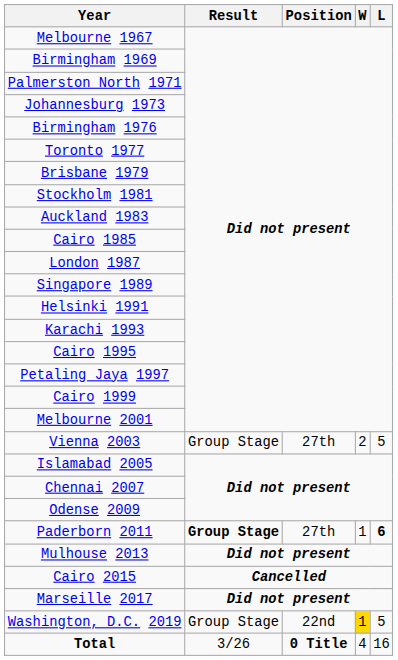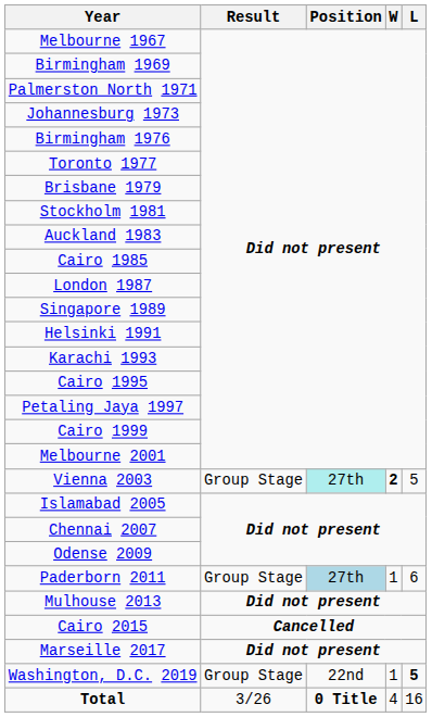 <table class="wikitable" style="text-align: center;">
 <tr>
 <th>Year</th>
 <th>Result</th>
 <th>Position</th>
 <th>W</th>
 <th>L</th>
 </tr>
 <tr>
 <td> <a href='#'>Melbourne</a> <a href='#'>1967</a></td>
 <td rowspan="18" colspan="4" align="center"><strong><em>Did not present</em></strong></td>
 </tr>
 <tr>
 <td> <a href='#'>Birmingham</a> <a href='#'>1969</a></td>
 </tr>
 <tr>
 <td> <a href='#'>Palmerston North</a> <a href='#'>1971</a></td>
 </tr>
 <tr>
 <td> <a href='#'>Johannesburg</a> <a href='#'>1973</a></td>
 </tr>
 <tr>
 <td> <a href='#'>Birmingham</a> <a href='#'>1976</a></td>
 </tr>
 <tr>
 <td> <a href='#'>Toronto</a> <a href='#'>1977</a></td>
 </tr>
 <tr>
 <td> <a href='#'>Brisbane</a> <a href='#'>1979</a></td>
 </tr>
 <tr>
 <td> <a href='#'>Stockholm</a> <a href='#'>1981</a></td>
 </tr>
 <tr>
 <td> <a href='#'>Auckland</a> <a href='#'>1983</a></td>
 </tr>
 <tr>
 <td> <a href='#'>Cairo</a> <a href='#'>1985</a></td>
 </tr>
 <tr>
 <td> <a href='#'>London</a> <a href='#'>1987</a></td>
 </tr>
 <tr>
 <td> <a href='#'>Singapore</a> <a href='#'>1989</a></td>
 </tr>
 <tr>
 <td> <a href='#'>Helsinki</a> <a href='#'>1991</a></td>
 </tr>
 <tr>
 <td> <a href='#'>Karachi</a> <a href='#'>1993</a></td>
 </tr>
 <tr>
 <td> <a href='#'>Cairo</a> <a href='#'>1995</a></td>
 </tr>
 <tr>
 <td> <a href='#'>Petaling Jaya</a> <a href='#'>1997</a></td>
 </tr>
 <tr>
 <td> <a href='#'>Cairo</a> <a href='#'>1999</a></td>
 </tr>
 <tr>
 <td> <a href='#'>Melbourne</a> <a href='#'>2001</a></td>
 </tr>
 <tr>
 <td> <a href='#'>Vienna</a> <a href='#'>2003</a></td>
 <td>Group Stage</td>
-<td>27th</td>
-<td>2</td>
+<td style="background: paleturquoise;">27th</td>
+<td><strong>2</strong></td>
 <td>5</td>
 </tr>
 <tr>
 <td> <a href='#'>Islamabad</a> <a href='#'>2005</a></td>
 <td rowspan="3" colspan="4" align="center"><strong><em>Did not present</em></strong></td>
 </tr>
 <tr>
 <td> <a href='#'>Chennai</a> <a href='#'>2007</a></td>
 </tr>
 <tr>
 <td> <a href='#'>Odense</a> <a href='#'>2009</a></td>
 </tr>
 <tr>
 <td> <a href='#'>Paderborn</a> <a href='#'>2011</a></td>
-<td><strong>Group Stage</strong></td>
-<td>27th</td>
+<td>Group Stage</td>
+<td style="background: lightblue;">27th</td>
 <td>1</td>
-<td><strong>6</strong></td>
+<td>6</td>
 </tr>
 <tr>
 <td> <a href='#'>Mulhouse</a> <a href='#'>2013</a></td>
 <td colspan="4" align="center"><strong><em>Did not present</em></strong></td>
 </tr>
 <tr>
 <td> <a href='#'>Cairo</a> <a href='#'>2015</a></td>
 <td rowspan="1" colspan="4" align="center"><strong><em>Cancelled</em></strong></td>
 </tr>
 <tr>
 <td> <a href='#'>Marseille</a> <a href='#'>2017</a></td>
 <td colspan="4" align="center"><strong><em>Did not present</em></strong></td>
 </tr>
 <tr>
 <td> <a href='#'>Washington, D.C.</a> <a href='#'>2019</a></td>
 <td>Group Stage</td>
 <td>22nd</td>
-<td style="background: gold;">1</td>
-<td>5</td>
+<td>1</td>
+<td><strong>5</strong></td>
 </tr>
 <tr>
 <td><strong>Total</strong></td>
 <td>3/26</td>
 <td><strong>0 Title</strong></td>
 <td>4</td>
 <td>16</td>
 </tr>
 </table>
